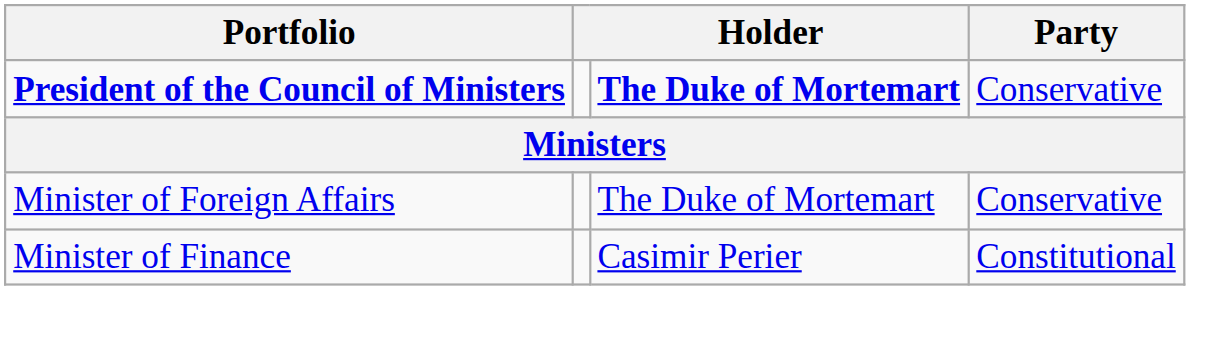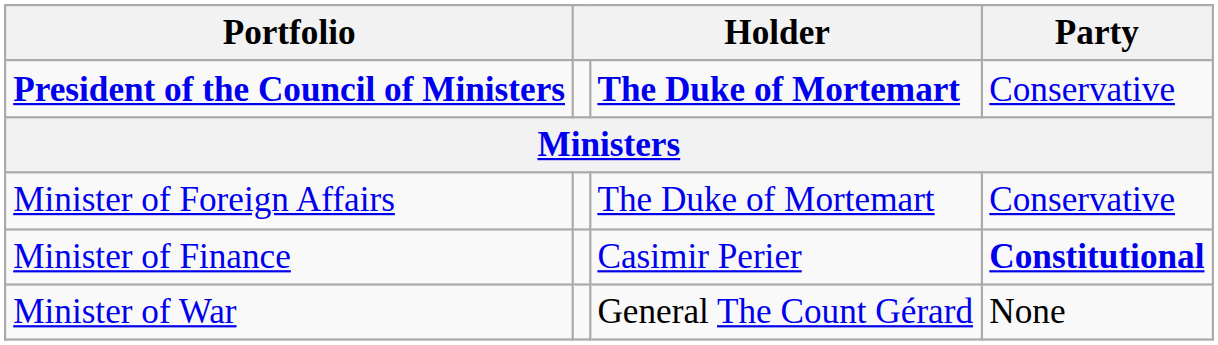 <table class="wikitable">
 <tr>
 <th>Portfolio</th>
 <th colspan=2>Holder</th>
 <th>Party</th>
 </tr>
 <tr>
 <td><strong><a href='#'>President of the Council of Ministers</a></strong></td>
 <td style="background:"></td>
 <td><strong><a href='#'>The Duke of Mortemart</a></strong></td>
 <td><a href='#'>Conservative</a></td>
 </tr>
 <tr>
 <th colspan=4 align=center><a href='#'>Ministers</a></th>
 </tr>
 <tr>
 <td><a href='#'>Minister of Foreign Affairs</a></td>
 <td style="background:"></td>
 <td><a href='#'>The Duke of Mortemart</a></td>
 <td><a href='#'>Conservative</a></td>
 </tr>
 <tr>
 <td><a href='#'>Minister of Finance</a></td>
 <td style="background:"></td>
 <td><a href='#'>Casimir Perier</a></td>
-<td><a href='#'>Constitutional</a></td>
+<td><strong><a href='#'>Constitutional</a></strong></td>
+</tr>
+<tr>
+<td><a href='#'>Minister of War</a></td>
+<td style="background:"></td>
+<td>General <a href='#'>The Count Gérard</a></td>
+<td>None</td>
 </tr>
 </table>
